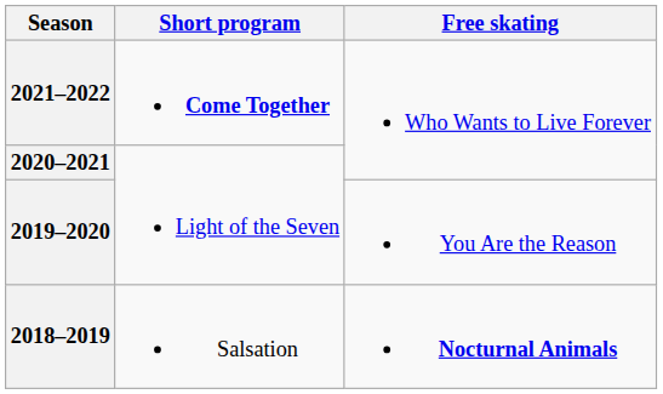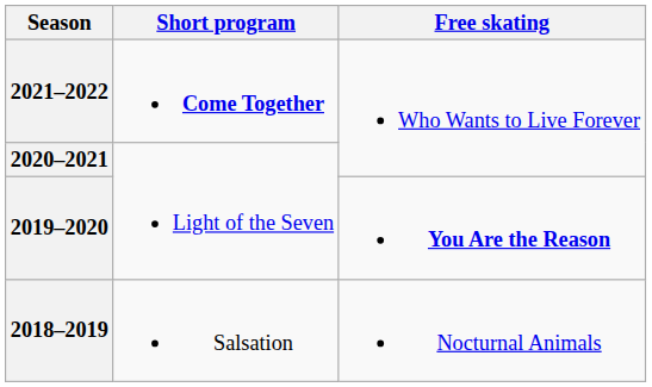 <table class=wikitable style=text-align:center>
 <tr>
 <th>Season</th>
 <th><a href='#'>Short program</a></th>
 <th><a href='#'>Free skating</a></th>
 </tr>
 <tr>
 <th>2021–2022 <br></th>
 <td><strong><br><ul><li><a href='#'>Come Together</a> <br></li></ul></strong></td>
 <td rowspan=2><br><ul><li><a href='#'>Who Wants to Live Forever</a> <br></li></ul></td>
 </tr>
 <tr>
 <th>2020–2021 <br></th>
 <td rowspan=2><br><ul><li><a href='#'>Light of the Seven</a> <br></li></ul></td>
 </tr>
 <tr>
 <th>2019–2020 <br> </th>
-<td><br><ul><li><a href='#'>You Are the Reason</a> <br></li></ul></td>
+<td><strong><br><ul><li><a href='#'>You Are the Reason</a> <br></li></ul></strong></td>
 </tr>
 <tr>
 <th>2018–2019 <br></th>
 <td><br><ul><li>Salsation <br></li></ul></td>
-<td><strong><br><ul><li><a href='#'>Nocturnal Animals</a> <br></li></ul></strong></td>
+<td><br><ul><li><a href='#'>Nocturnal Animals</a> <br></li></ul></td>
 </tr>
 </table>
